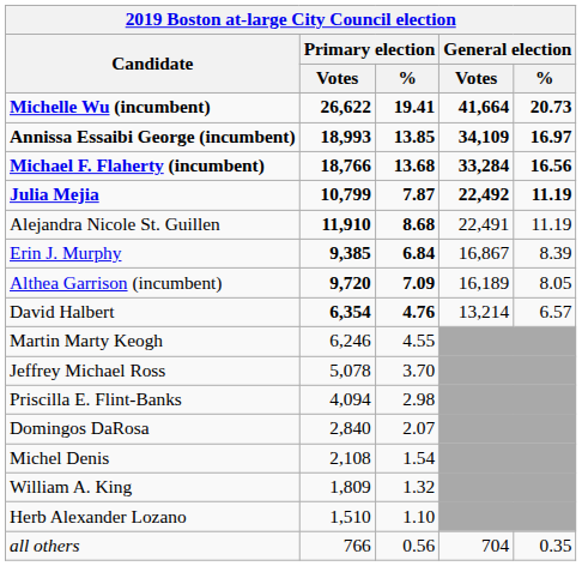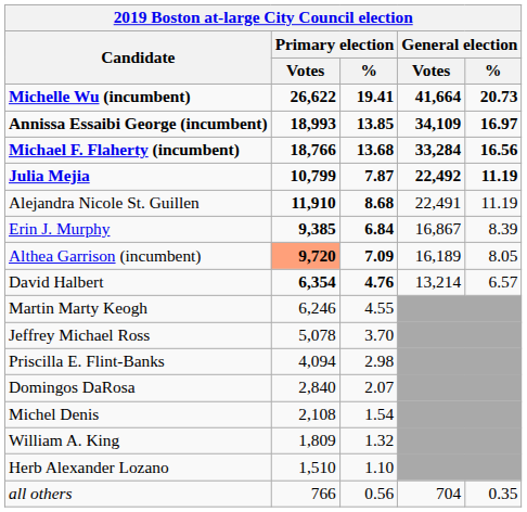 <table class=wikitable>
 <tr>
 <th colspan=5><a href='#'>2019 Boston at-large City Council election</a></th>
 </tr>
 <tr>
 <th colspan=1 rowspan=2>Candidate</th>
 <th colspan=2>Primary election</th>
 <th colspan=2>General election</th>
 </tr>
 <tr>
 <th>Votes</th>
 <th>%</th>
 <th>Votes</th>
 <th>%</th>
 </tr>
 <tr>
 <td><strong><a href='#'>Michelle Wu</a> (incumbent) </strong></td>
 <td align="right"><strong>26,622</strong></td>
 <td align="right"><strong>19.41</strong></td>
 <td align="right"><strong>41,664</strong></td>
 <td align="right"><strong>20.73</strong></td>
 </tr>
 <tr>
 <td><strong>Annissa Essaibi George (incumbent)</strong></td>
 <td align="right"><strong>18,993</strong></td>
 <td align="right"><strong>13.85</strong></td>
 <td align="right"><strong>34,109</strong></td>
 <td align="right"><strong>16.97</strong></td>
 </tr>
 <tr>
 <td><strong><a href='#'>Michael F. Flaherty</a> (incumbent)</strong></td>
 <td align="right"><strong>18,766</strong></td>
 <td align="right"><strong>13.68</strong></td>
 <td align="right"><strong>33,284</strong></td>
 <td align="right"><strong>16.56</strong></td>
 </tr>
 <tr>
 <td><strong><a href='#'>Julia Mejia</a></strong></td>
 <td align="right"><strong>10,799</strong></td>
 <td align="right"><strong>7.87</strong></td>
 <td align="right"><strong>22,492</strong></td>
 <td align="right"><strong>11.19</strong></td>
 </tr>
 <tr>
 <td>Alejandra Nicole St. Guillen</td>
 <td align="right"><strong>11,910</strong></td>
 <td align="right"><strong>8.68</strong></td>
 <td align="right">22,491</td>
 <td align="right">11.19</td>
 </tr>
 <tr>
 <td><a href='#'>Erin J. Murphy</a></td>
 <td align="right"><strong>9,385</strong></td>
 <td align="right"><strong>6.84</strong></td>
 <td align="right">16,867</td>
 <td align="right">8.39</td>
 </tr>
 <tr>
 <td><a href='#'>Althea Garrison</a> (incumbent)</td>
-<td align="right"><strong>9,720</strong></td>
+<td align="right" style="background: lightsalmon;"><strong>9,720</strong></td>
 <td align="right"><strong>7.09</strong></td>
 <td align="right">16,189</td>
 <td align="right">8.05</td>
 </tr>
 <tr>
 <td>David Halbert</td>
 <td align="right"><strong>6,354</strong></td>
 <td align="right"><strong>4.76</strong></td>
 <td align="right">13,214</td>
 <td align="right">6.57</td>
 </tr>
 <tr>
 <td>Martin Marty Keogh</td>
 <td align="right">6,246</td>
 <td align="right">4.55</td>
 <td colspan=2 bgcolor=darkgray> </td>
 </tr>
 <tr>
 <td>Jeffrey Michael Ross</td>
 <td align="right">5,078</td>
 <td align="right">3.70</td>
 <td colspan=2 bgcolor=darkgray> </td>
 </tr>
 <tr>
 <td>Priscilla E. Flint-Banks</td>
 <td align="right">4,094</td>
 <td align="right">2.98</td>
 <td colspan=2 bgcolor=darkgray> </td>
 </tr>
 <tr>
 <td>Domingos DaRosa</td>
 <td align="right">2,840</td>
 <td align="right">2.07</td>
 <td colspan=2 bgcolor=darkgray> </td>
 </tr>
 <tr>
 <td>Michel Denis</td>
 <td align="right">2,108</td>
 <td align="right">1.54</td>
 <td colspan=2 bgcolor=darkgray> </td>
 </tr>
 <tr>
 <td>William A. King</td>
 <td align="right">1,809</td>
 <td align="right">1.32</td>
 <td colspan=2 bgcolor=darkgray> </td>
 </tr>
 <tr>
 <td>Herb Alexander Lozano</td>
 <td align="right">1,510</td>
 <td align="right">1.10</td>
 <td colspan=2 bgcolor=darkgray> </td>
 </tr>
 <tr>
 <td><em>all others</em></td>
 <td align="right">766</td>
 <td align="right">0.56</td>
 <td align="right">704</td>
 <td align="right">0.35</td>
 </tr>
 </table>
